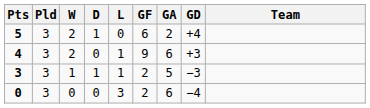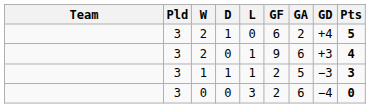 <table class="wikitable" style="text-align: center;">
 <tr>
-<th width=20>Pts</th>
+<th width=165>Team</th>
 <th width=20>Pld</th>
 <th width=20>W</th>
 <th width=20>D</th>
 <th width=20>L</th>
 <th width=20>GF</th>
 <th width=20>GA</th>
 <th width=20>GD</th>
-<th width=165>Team</th>
+<th width=20>Pts</th>
 </tr>
 <tr>
-<td><strong>5</strong></td>
+<td style="text-align:left;"></td>
 <td>3</td>
 <td>2</td>
 <td>1</td>
 <td>0</td>
 <td>6</td>
 <td>2</td>
 <td>+4</td>
-<td style="text-align:left;"></td>
+<td><strong>5</strong></td>
 </tr>
 <tr>
-<td><strong>4</strong></td>
+<td style="text-align:left;"></td>
 <td>3</td>
 <td>2</td>
 <td>0</td>
 <td>1</td>
 <td>9</td>
 <td>6</td>
 <td>+3</td>
-<td style="text-align:left;"></td>
+<td><strong>4</strong></td>
 </tr>
 <tr>
-<td><strong>3</strong></td>
+<td style="text-align:left;"></td>
 <td>3</td>
 <td>1</td>
 <td>1</td>
 <td>1</td>
 <td>2</td>
 <td>5</td>
 <td>−3</td>
-<td style="text-align:left;"></td>
+<td><strong>3</strong></td>
 </tr>
 <tr>
-<td><strong>0</strong></td>
+<td style="text-align:left;"></td>
 <td>3</td>
 <td>0</td>
 <td>0</td>
 <td>3</td>
 <td>2</td>
 <td>6</td>
 <td>−4</td>
-<td style="text-align:left;"></td>
+<td><strong>0</strong></td>
 </tr>
 </table>
